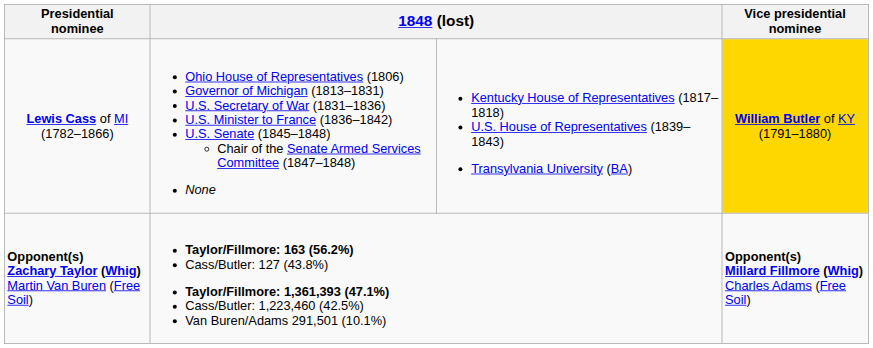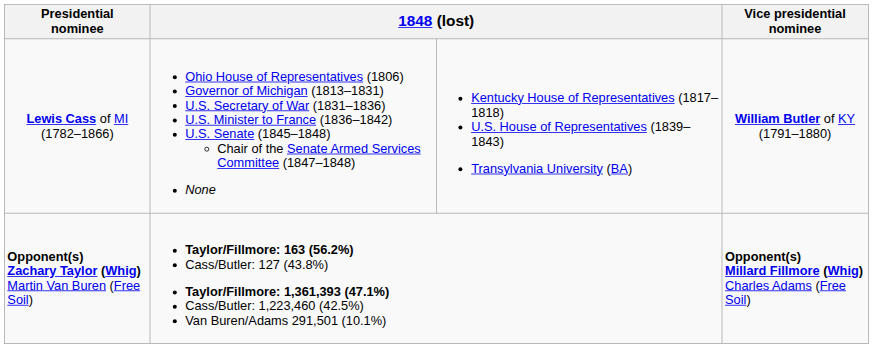 <table class="wikitable">
 <tr>
 <th width=175>Presidential<br>nominee</th>
 <th colspan=2><big><a href='#'>1848</a> (lost)</big></th>
 <th width=175>Vice presidential<br>nominee</th>
 </tr>
 <tr>
 <td style="text-align:center;"><strong><a href='#'>Lewis Cass</a></strong> of <a href='#'>MI</a><br>(1782–1866)<br></td>
 <td width=350><br><ul><li><a href='#'>Ohio House of Representatives</a> (1806)</li><li><a href='#'>Governor of Michigan</a> (1813–1831)</li><li><a href='#'>U.S. Secretary of War</a> (1831–1836)</li><li><a href='#'>U.S. Minister to France</a> (1836–1842)</li><li><a href='#'>U.S. Senate</a> (1845–1848)<ul><li>Chair of the <a href='#'>Senate Armed Services Committee</a> (1847–1848)</li></ul></li></ul><ul><li><em>None</em></li></ul></td>
 <td width=350><br><ul><li><a href='#'>Kentucky House of Representatives</a> (1817–1818)</li><li><a href='#'>U.S. House of Representatives</a> (1839–1843)</li></ul><ul><li><a href='#'>Transylvania University</a> (<a href='#'>BA</a>)</li></ul></td>
-<td style="background: gold; text-align:center;"><strong><a href='#'>William Butler</a></strong> of <a href='#'>KY</a><br>(1791–1880)<br></td>
+<td style="text-align:center;"><strong><a href='#'>William Butler</a></strong> of <a href='#'>KY</a><br>(1791–1880)<br></td>
 </tr>
 <tr>
 <td><strong>Opponent(s)</strong><br><strong><a href='#'>Zachary Taylor</a> (<a href='#'>Whig</a>)</strong><br><a href='#'>Martin Van Buren</a> (<a href='#'>Free Soil</a>)</td>
 <td colspan=2><br><ul><li><strong>Taylor/Fillmore: 163 (56.2%)</strong></li><li>Cass/Butler: 127 (43.8%)</li></ul><ul><li><strong>Taylor/Fillmore: 1,361,393 (47.1%)</strong></li><li>Cass/Butler: 1,223,460 (42.5%)</li><li>Van Buren/Adams 291,501 (10.1%)</li></ul></td>
 <td><strong>Opponent(s)</strong><br><strong><a href='#'>Millard Fillmore</a> (<a href='#'>Whig</a>)</strong><br><a href='#'>Charles Adams</a> (<a href='#'>Free Soil</a>)</td>
 </tr>
 </table>
